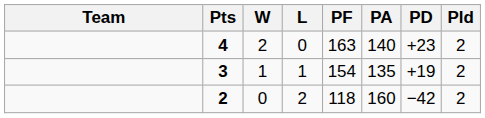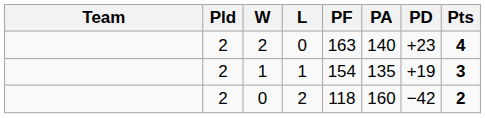 <table class=wikitable style="text-align:center">
 <tr>
 <th width=180>Team</th>
-<th width=30>Pts</th>
+<th width=30>Pld</th>
 <th width=30>W</th>
 <th width=30>L</th>
 <th width=30>PF</th>
 <th width=30>PA</th>
 <th width=30>PD</th>
-<th width=30>Pld</th>
+<th width=30>Pts</th>
 </tr>
 <tr>
 <td align="left"></td>
-<td><strong>4</strong></td>
+<td>2</td>
 <td>2</td>
 <td>0</td>
 <td>163</td>
 <td>140</td>
 <td>+23</td>
-<td>2</td>
+<td><strong>4</strong></td>
 </tr>
 <tr>
 <td align="left"></td>
-<td><strong>3</strong></td>
+<td>2</td>
 <td>1</td>
 <td>1</td>
 <td>154</td>
 <td>135</td>
 <td>+19</td>
-<td>2</td>
+<td><strong>3</strong></td>
 </tr>
 <tr>
 <td align="left"></td>
-<td><strong>2</strong></td>
+<td>2</td>
 <td>0</td>
 <td>2</td>
 <td>118</td>
 <td>160</td>
 <td>−42</td>
-<td>2</td>
+<td><strong>2</strong></td>
 </tr>
 </table>
